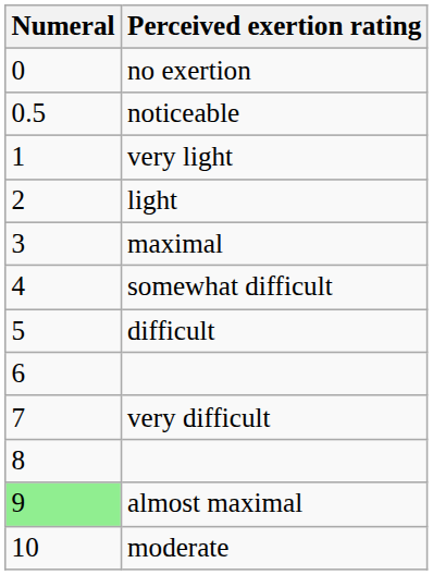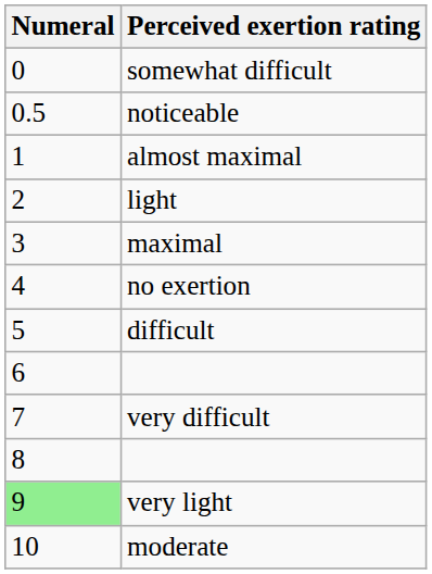 <table class="wikitable">
 <tr>
 <th>Numeral</th>
 <th>Perceived exertion rating</th>
 </tr>
 <tr>
 <td>0</td>
-<td>no exertion</td>
+<td>somewhat difficult</td>
 </tr>
 <tr>
 <td>0.5</td>
 <td>noticeable</td>
 </tr>
 <tr>
 <td>1</td>
-<td>very light</td>
+<td>almost maximal</td>
 </tr>
 <tr>
 <td>2</td>
 <td>light</td>
 </tr>
 <tr>
 <td>3</td>
 <td>maximal</td>
 </tr>
 <tr>
 <td>4</td>
-<td>somewhat difficult</td>
+<td>no exertion</td>
 </tr>
 <tr>
 <td>5</td>
 <td>difficult</td>
 </tr>
 <tr>
 <td>6</td>
 <td></td>
 </tr>
 <tr>
 <td>7</td>
 <td>very difficult</td>
 </tr>
 <tr>
 <td>8</td>
 <td></td>
 </tr>
 <tr>
 <td style="background: lightgreen;">9</td>
-<td>almost maximal</td>
+<td>very light</td>
 </tr>
 <tr>
 <td>10</td>
 <td>moderate</td>
 </tr>
 </table>
